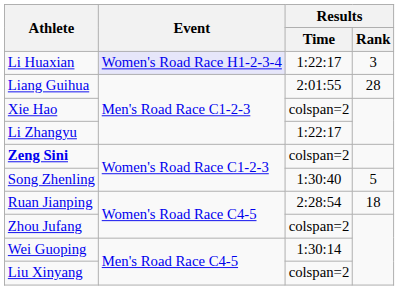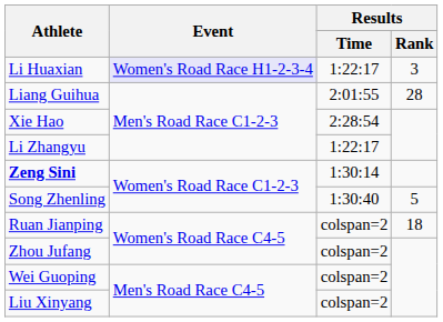 <table class=wikitable>
 <tr>
 <th rowspan="2">Athlete</th>
 <th rowspan="2">Event</th>
 <th colspan="2">Results</th>
 </tr>
 <tr>
 <th>Time</th>
 <th>Rank</th>
 </tr>
 <tr align=center>
 <td align=left><a href='#'>Li Huaxian</a></td>
 <td align=left style="background: lavender;"><a href='#'>Women's Road Race H1-2-3-4</a></td>
 <td>1:22:17</td>
 <td>3</td>
 </tr>
 <tr align=center>
 <td align=left><a href='#'>Liang Guihua</a></td>
 <td align=left rowspan=3><a href='#'>Men's Road Race C1-2-3</a></td>
 <td>2:01:55</td>
 <td>28</td>
 </tr>
 <tr align=center>
 <td align=left><a href='#'>Xie Hao</a></td>
-<td>colspan=2 </td>
+<td>2:28:54</td>
 </tr>
 <tr align=center>
 <td align=left><a href='#'>Li Zhangyu</a></td>
 <td>1:22:17</td>
 </tr>
 <tr align=center>
 <td align=left><strong><a href='#'>Zeng Sini</a></strong></td>
 <td align=left rowspan=2><a href='#'>Women's Road Race C1-2-3</a></td>
-<td>colspan=2 </td>
+<td>1:30:14</td>
 <td></td>
 </tr>
 <tr align=center>
 <td align=left><a href='#'>Song Zhenling</a></td>
 <td>1:30:40</td>
 <td>5</td>
 </tr>
 <tr align=center>
 <td align=left><a href='#'>Ruan Jianping</a></td>
 <td align=left rowspan=2><a href='#'>Women's Road Race C4-5</a></td>
-<td>2:28:54</td>
+<td>colspan=2 </td>
 <td>18</td>
 </tr>
 <tr align=center>
 <td align=left><a href='#'>Zhou Jufang</a></td>
 <td>colspan=2 </td>
 </tr>
 <tr align=center>
 <td align=left><a href='#'>Wei Guoping</a></td>
 <td align=left rowspan=2><a href='#'>Men's Road Race C4-5</a></td>
-<td>1:30:14</td>
+<td>colspan=2 </td>
 </tr>
 <tr align=center>
 <td align=left><a href='#'>Liu Xinyang</a></td>
 <td>colspan=2 </td>
 </tr>
 </table>
